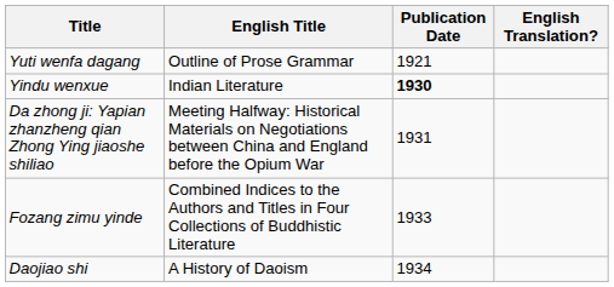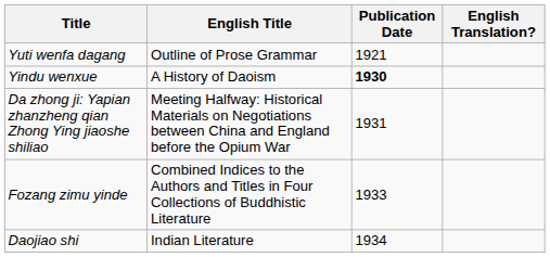 <table class="wikitable">
 <tr>
 <th>Title</th>
 <th>English Title</th>
 <th>Publication Date</th>
 <th>English Translation?</th>
 </tr>
 <tr>
 <td><em>Yuti wenfa dagang</em></td>
 <td>Outline of Prose Grammar</td>
 <td>1921</td>
 <td></td>
 </tr>
 <tr>
 <td><em>Yindu wenxue</em></td>
-<td>Indian Literature</td>
+<td>A History of Daoism</td>
 <td><strong>1930</strong></td>
 <td></td>
 </tr>
 <tr>
 <td><em>Da zhong ji: Yapian zhanzheng qian Zhong Ying jiaoshe shiliao</em></td>
 <td>Meeting Halfway: Historical Materials on Negotiations between China and England before the Opium War</td>
 <td>1931</td>
 <td></td>
 </tr>
 <tr>
 <td><em>Fozang zimu yinde</em></td>
 <td>Combined Indices to the Authors and Titles in Four Collections of Buddhistic Literature</td>
 <td>1933</td>
 <td></td>
 </tr>
 <tr>
 <td><em>Daojiao shi</em></td>
-<td>A History of Daoism</td>
+<td>Indian Literature</td>
 <td>1934</td>
 </tr>
 </table>
